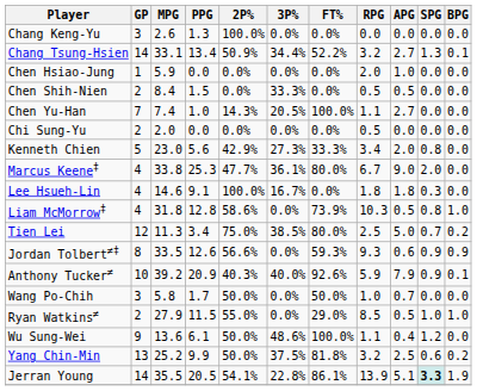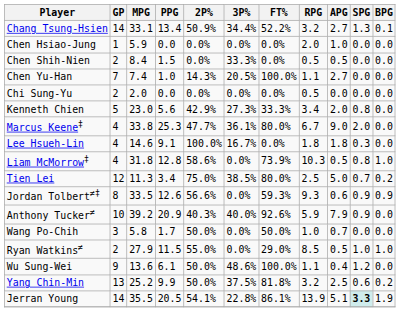 <table class="wikitable">
 <tr>
 <th>Player</th>
 <th>GP</th>
 <th>MPG</th>
 <th>PPG</th>
 <th>2P%</th>
 <th>3P%</th>
 <th>FT%</th>
 <th>RPG</th>
 <th>APG</th>
 <th>SPG</th>
 <th>BPG</th>
-</tr>
-<tr>
-<td>Chang Keng-Yu</td>
-<td>3</td>
-<td>2.6</td>
-<td>1.3</td>
-<td>100.0%</td>
-<td>0.0%</td>
-<td>0.0%</td>
-<td>0.0</td>
-<td>0.0</td>
-<td>0.0</td>
-<td>0.0</td>
 </tr>
 <tr>
 <td><a href='#'>Chang Tsung-Hsien</a></td>
 <td>14</td>
 <td>33.1</td>
 <td>13.4</td>
 <td>50.9%</td>
 <td>34.4%</td>
 <td>52.2%</td>
 <td>3.2</td>
 <td>2.7</td>
 <td>1.3</td>
 <td>0.1</td>
 </tr>
 <tr>
 <td>Chen Hsiao-Jung</td>
 <td>1</td>
 <td>5.9</td>
 <td>0.0</td>
 <td>0.0%</td>
 <td>0.0%</td>
 <td>0.0%</td>
 <td>2.0</td>
 <td>1.0</td>
 <td>0.0</td>
 <td>0.0</td>
 </tr>
 <tr>
 <td>Chen Shih-Nien</td>
 <td>2</td>
 <td>8.4</td>
 <td>1.5</td>
 <td>0.0%</td>
 <td>33.3%</td>
 <td>0.0%</td>
 <td>0.5</td>
 <td>0.5</td>
 <td>0.0</td>
 <td>0.0</td>
 </tr>
 <tr>
 <td>Chen Yu-Han</td>
 <td>7</td>
 <td>7.4</td>
 <td>1.0</td>
 <td>14.3%</td>
 <td>20.5%</td>
 <td>100.0%</td>
 <td>1.1</td>
 <td>2.7</td>
 <td>0.0</td>
 <td>0.0</td>
 </tr>
 <tr>
 <td>Chi Sung-Yu</td>
 <td>2</td>
 <td>2.0</td>
 <td>0.0</td>
 <td>0.0%</td>
 <td>0.0%</td>
 <td>0.0%</td>
 <td>0.5</td>
 <td>0.0</td>
 <td>0.0</td>
 <td>0.0</td>
 </tr>
 <tr>
 <td>Kenneth Chien</td>
 <td>5</td>
 <td>23.0</td>
 <td>5.6</td>
 <td>42.9%</td>
 <td>27.3%</td>
 <td>33.3%</td>
 <td>3.4</td>
 <td>2.0</td>
 <td>0.8</td>
 <td>0.0</td>
 </tr>
 <tr>
 <td><a href='#'>Marcus Keene</a><sup>‡</sup></td>
 <td>4</td>
 <td>33.8</td>
 <td>25.3</td>
 <td>47.7%</td>
 <td>36.1%</td>
 <td>80.0%</td>
 <td>6.7</td>
 <td>9.0</td>
 <td>2.0</td>
 <td>0.0</td>
 </tr>
 <tr>
 <td><a href='#'>Lee Hsueh-Lin</a></td>
 <td>4</td>
 <td>14.6</td>
 <td>9.1</td>
 <td>100.0%</td>
 <td>16.7%</td>
 <td>0.0%</td>
 <td>1.8</td>
 <td>1.8</td>
 <td>0.3</td>
 <td>0.0</td>
 </tr>
 <tr>
 <td><a href='#'>Liam McMorrow</a><sup>‡</sup></td>
 <td>4</td>
 <td>31.8</td>
 <td>12.8</td>
 <td>58.6%</td>
 <td>0.0%</td>
 <td>73.9%</td>
 <td>10.3</td>
 <td>0.5</td>
 <td>0.8</td>
 <td>1.0</td>
 </tr>
 <tr>
 <td><a href='#'>Tien Lei</a></td>
 <td>12</td>
 <td>11.3</td>
 <td>3.4</td>
 <td>75.0%</td>
 <td>38.5%</td>
 <td>80.0%</td>
 <td>2.5</td>
 <td>5.0</td>
 <td>0.7</td>
 <td>0.2</td>
 </tr>
 <tr>
 <td>Jordan Tolbert<sup>≠‡</sup></td>
 <td>8</td>
 <td>33.5</td>
 <td>12.6</td>
 <td>56.6%</td>
 <td>0.0%</td>
 <td>59.3%</td>
 <td>9.3</td>
 <td>0.6</td>
 <td>0.9</td>
 <td>0.9</td>
 </tr>
 <tr>
 <td>Anthony Tucker<sup>≠</sup></td>
 <td>10</td>
 <td>39.2</td>
 <td>20.9</td>
 <td>40.3%</td>
 <td>40.0%</td>
 <td>92.6%</td>
 <td>5.9</td>
 <td>7.9</td>
 <td>0.9</td>
-<td>0.1</td>
+<td>0.0</td>
 </tr>
 <tr>
 <td>Wang Po-Chih</td>
 <td>3</td>
 <td>5.8</td>
 <td>1.7</td>
 <td>50.0%</td>
 <td>0.0%</td>
 <td>50.0%</td>
 <td>1.0</td>
 <td>0.7</td>
 <td>0.0</td>
 <td>0.0</td>
 </tr>
 <tr>
 <td>Ryan Watkins<sup>≠</sup></td>
 <td>2</td>
 <td>27.9</td>
 <td>11.5</td>
 <td>55.0%</td>
 <td>0.0%</td>
 <td>29.0%</td>
 <td>8.5</td>
 <td>0.5</td>
 <td>1.0</td>
 <td>1.0</td>
 </tr>
 <tr>
 <td>Wu Sung-Wei</td>
 <td>9</td>
 <td>13.6</td>
 <td>6.1</td>
 <td>50.0%</td>
 <td>48.6%</td>
 <td>100.0%</td>
 <td>1.1</td>
 <td>0.4</td>
 <td>1.2</td>
 <td>0.0</td>
 </tr>
 <tr>
 <td><a href='#'>Yang Chin-Min</a></td>
 <td>13</td>
 <td>25.2</td>
 <td>9.9</td>
 <td>50.0%</td>
 <td>37.5%</td>
 <td>81.8%</td>
 <td>3.2</td>
 <td>2.5</td>
 <td>0.6</td>
 <td>0.2</td>
 </tr>
 <tr>
 <td>Jerran Young</td>
 <td>14</td>
 <td>35.5</td>
 <td>20.5</td>
 <td>54.1%</td>
 <td>22.8%</td>
 <td>86.1%</td>
 <td>13.9</td>
 <td>5.1</td>
 <td style="background-color: #CFECEC"><strong>3.3</strong></td>
 <td>1.9</td>
 </tr>
 <tr>
 </tr>
 </table>
